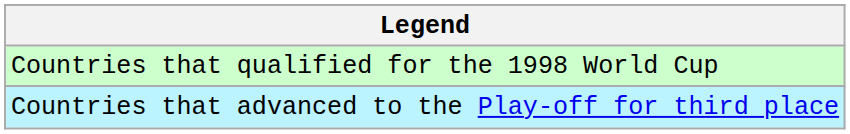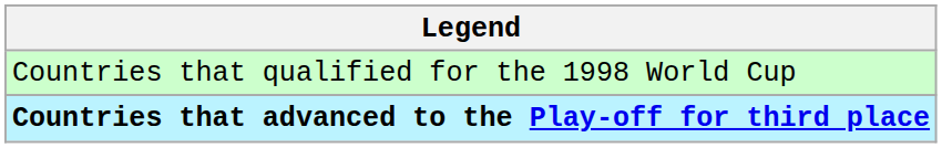 <table class="wikitable">
 <tr>
 <th>Legend</th>
 </tr>
 <tr bgcolor=#ccffcc>
 <td>Countries that qualified for the 1998 World Cup</td>
 </tr>
 <tr bgcolor=#BBF3FF>
-<td>Countries that advanced to the <a href='#'>Play-off for third place</a></td>
+<td><strong>Countries that advanced to the <a href='#'>Play-off for third place</a></strong></td>
 </tr>
 </table>
